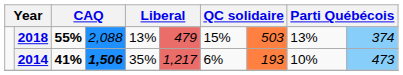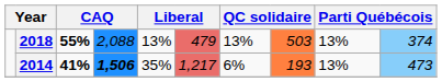 <table class="wikitable" style="float:right; width:400; font-size:90%; margin-left:1em;">
 <tr>
 <th colspan="2" scope="col">Year</th>
 <th colspan="2" scope="col"><a href='#'>CAQ</a></th>
 <th colspan="2" scope="col"><a href='#'>Liberal</a></th>
 <th colspan="2" scope="col"><a href='#'>QC solidaire</a></th>
 <th colspan="2" scope="col"><a href='#'>Parti Québécois</a></th>
 </tr>
 <tr>
 <td rowspan="2" style="width: 0.25em; background-color: "></td>
 <th><a href='#'>2018</a></th>
 <td><strong>55%</strong></td>
 <td style="text-align:right; background:#1E90FF;"><em>2,088</em></td>
 <td>13%</td>
 <td style="text-align:right; background:#EA6D6A;"><em>479</em></td>
-<td>15%</td>
+<td>13%</td>
 <td style="text-align:right; background:#FF8040;"><em>503</em></td>
 <td>13%</td>
 <td style="text-align:right; background:#87CEFA;"><em>374</em></td>
 </tr>
 <tr>
 <th><a href='#'>2014</a></th>
 <td><strong>41%</strong></td>
 <td style="text-align:right; background:#1E90FF;"><strong><em>1,506</em></strong></td>
 <td>35%</td>
 <td style="text-align:right; background:#EA6D6A;"><em>1,217</em></td>
 <td>6%</td>
 <td style="text-align:right; background:#FF8040;"><em>193</em></td>
-<td>10%</td>
+<td>13%</td>
 <td style="text-align:right; background:#87CEFA;"><em>473</em></td>
 </tr>
 <tr>
 </tr>
 </table>
